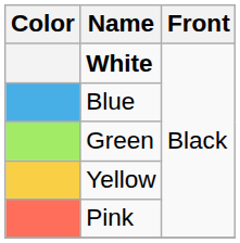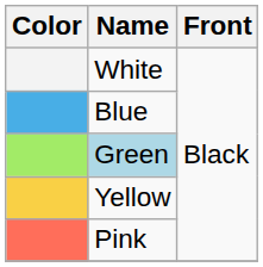 <table class="wikitable">
 <tr>
 <th>Color</th>
 <th>Name      </th>
 <th>Front</th>
 </tr>
 <tr>
 <td bgcolor="F3F3F3"></td>
-<td><strong>White</strong></td>
+<td>White</td>
 <td rowspan="5">Black</td>
 </tr>
 <tr>
 <td bgcolor="48AEE6"></td>
 <td>Blue</td>
 </tr>
 <tr>
 <td bgcolor="A2EB67"></td>
-<td>Green</td>
+<td style="background: lightblue;">Green</td>
 </tr>
 <tr>
 <td bgcolor="F9D045"></td>
 <td>Yellow</td>
 </tr>
 <tr>
 <td bgcolor="FF6E5A"></td>
 <td>Pink</td>
 </tr>
 <tr>
 </tr>
 </table>
